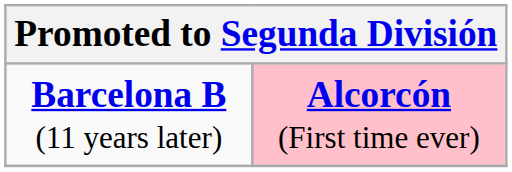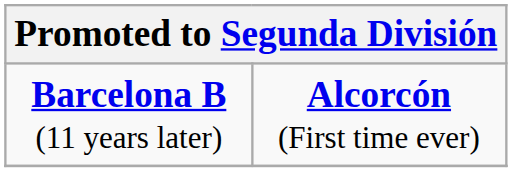 <table class="wikitable" style="text-align: center; margin: 0 auto;">
 <tr>
 <th colspan="2">Promoted to <a href='#'>Segunda División</a></th>
 </tr>
 <tr>
 <td><strong><a href='#'>Barcelona B</a></strong><br><small>(11 years later)</small></td>
-<td style="background: pink;"><strong><a href='#'>Alcorcón</a></strong><br><small>(First time ever)</small></td>
+<td><strong><a href='#'>Alcorcón</a></strong><br><small>(First time ever)</small></td>
 </tr>
 <tr>
 </tr>
 </table>
